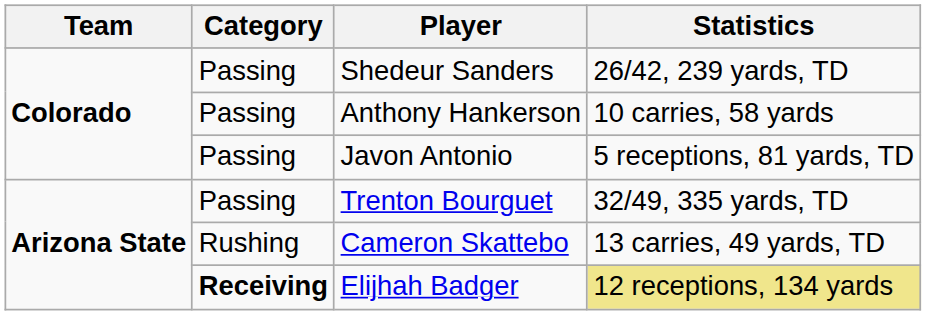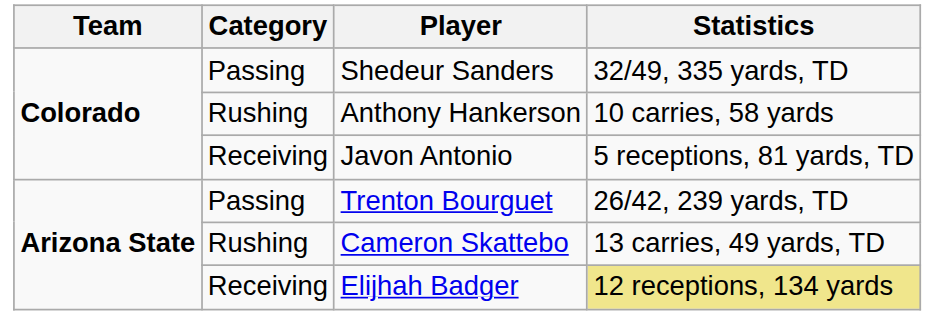 <table class="wikitable" style="float: right;">
 <tr>
 <th>Team</th>
 <th>Category</th>
 <th>Player</th>
 <th>Statistics</th>
 </tr>
 <tr>
 <td rowspan=3><strong>Colorado</strong></td>
 <td>Passing</td>
 <td>Shedeur Sanders</td>
-<td>26/42, 239 yards, TD</td>
+<td>32/49, 335 yards, TD</td>
 </tr>
 <tr>
-<td>Passing</td>
+<td>Rushing</td>
 <td>Anthony Hankerson</td>
 <td>10 carries, 58 yards</td>
 </tr>
 <tr>
-<td>Passing</td>
+<td>Receiving</td>
 <td>Javon Antonio</td>
 <td>5 receptions, 81 yards, TD</td>
 </tr>
 <tr>
 <td rowspan=3><strong>Arizona State</strong></td>
 <td>Passing</td>
 <td><a href='#'>Trenton Bourguet</a></td>
-<td>32/49, 335 yards, TD</td>
+<td>26/42, 239 yards, TD</td>
 </tr>
 <tr>
 <td>Rushing</td>
 <td><a href='#'>Cameron Skattebo</a></td>
 <td>13 carries, 49 yards, TD</td>
 </tr>
 <tr>
-<td><strong>Receiving</strong></td>
+<td>Receiving</td>
 <td><a href='#'>Elijhah Badger</a></td>
 <td style="background: khaki;">12 receptions, 134 yards</td>
 </tr>
 </table>
